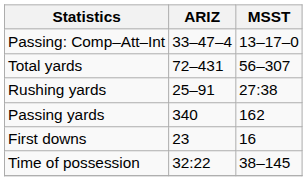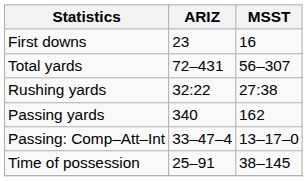 <table class="wikitable" style="float: left;">
 <tr>
 <th>Statistics</th>
 <th>ARIZ</th>
 <th>MSST</th>
 </tr>
 <tr>
-<td>Passing: Comp–Att–Int</td>
-<td>33–47–4</td>
-<td>13–17–0</td>
+<td>First downs</td>
+<td>23</td>
+<td>16</td>
 </tr>
 <tr>
 <td>Total yards</td>
 <td>72–431</td>
 <td>56–307</td>
 </tr>
 <tr>
 <td>Rushing yards</td>
-<td>25–91</td>
+<td>32:22</td>
 <td>27:38</td>
 </tr>
 <tr>
 <td>Passing yards</td>
 <td>340</td>
 <td>162</td>
 </tr>
 <tr>
-<td>First downs</td>
-<td>23</td>
-<td>16</td>
+<td>Passing: Comp–Att–Int</td>
+<td>33–47–4</td>
+<td>13–17–0</td>
 </tr>
 <tr>
 <td>Time of possession</td>
-<td>32:22</td>
+<td>25–91</td>
 <td>38–145</td>
 </tr>
 <tr>
 </tr>
 </table>
